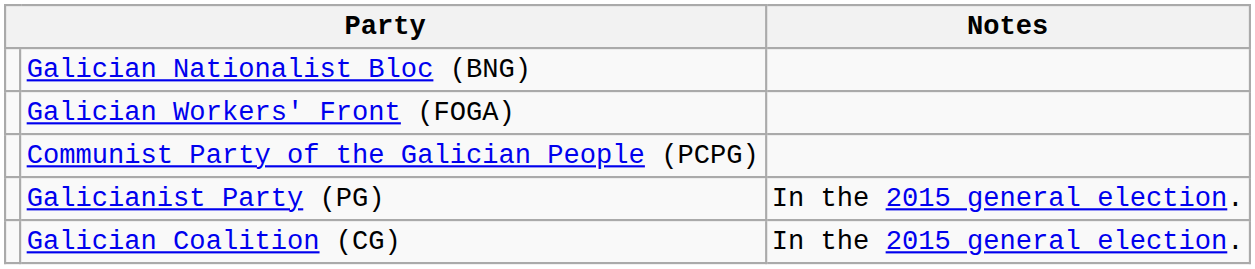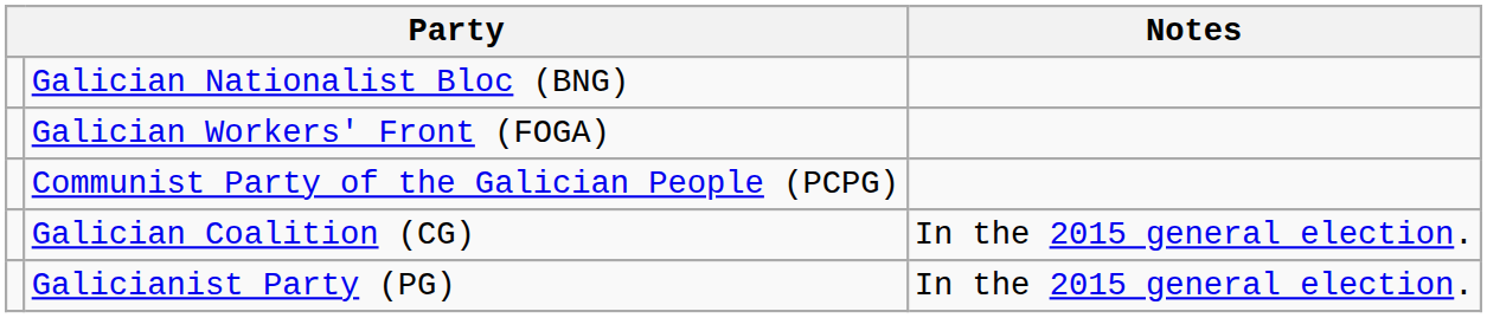 <table class="wikitable" style="text-align:left; font-size:97%;">
 <tr>
 <th colspan="2">Party</th>
 <th>Notes</th>
 </tr>
 <tr>
 <td width="1"></td>
 <td><a href='#'>Galician Nationalist Bloc</a> (BNG)</td>
 <td></td>
 </tr>
 <tr>
 <td></td>
 <td><a href='#'>Galician Workers' Front</a> (FOGA)</td>
 <td></td>
 </tr>
 <tr>
 <td></td>
 <td><a href='#'>Communist Party of the Galician People</a> (PCPG)</td>
 <td></td>
 </tr>
 <tr>
 <td></td>
-<td><a href='#'>Galicianist Party</a> (PG)</td>
+<td><a href='#'>Galician Coalition</a> (CG)</td>
 <td>In the <a href='#'>2015 general election</a>.</td>
 </tr>
 <tr>
 <td></td>
-<td><a href='#'>Galician Coalition</a> (CG)</td>
+<td><a href='#'>Galicianist Party</a> (PG)</td>
 <td>In the <a href='#'>2015 general election</a>.</td>
 </tr>
 </table>
